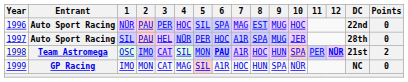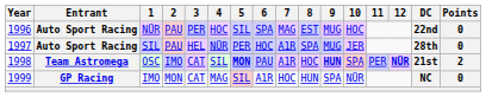 <table class="wikitable" style="text-align:center; font-size:85%">
 <tr>
 <th>Year</th>
 <th>Entrant</th>
 <th>1</th>
 <th>2</th>
 <th>3</th>
 <th>4</th>
 <th>5</th>
 <th>6</th>
 <th>7</th>
 <th>8</th>
 <th>9</th>
 <th>10</th>
 <th>11</th>
 <th>12</th>
 <th>DC</th>
 <th>Points</th>
 </tr>
 <tr>
 <td><a href='#'>1996</a></td>
 <th nowrap>Auto Sport Racing</th>
 <td style="background:#EFCFFF;"><a href='#'>NÜR</a><br></td>
 <td style="background:#FFCFCF;"><a href='#'>PAU</a><br></td>
 <td style="background:#CFCFFF;"><a href='#'>PER</a><br></td>
 <td style="background:#EFCFFF;"><a href='#'>HOC</a><br></td>
 <td style="background:#CFCFFF;"><a href='#'>SIL</a><br></td>
 <td style="background:#CFCFFF;"><a href='#'>SPA</a><br></td>
 <td style="background:#EFCFFF;"><a href='#'>MAG</a><br></td>
 <td style="background:#CFCFFF;"><a href='#'>EST</a><br></td>
 <td style="background:#EFCFFF;"><a href='#'>MUG</a><br></td>
 <td style="background:#EFCFFF;"><a href='#'>HOC</a><br></td>
 <td colspan=2></td>
 <th>22nd</th>
 <th>0</th>
 </tr>
 <tr>
 <td><a href='#'>1997</a></td>
 <th nowrap>Auto Sport Racing</th>
 <td style="background:#CFCFFF;"><a href='#'>SIL</a><br></td>
 <td style="background:#FFCFCF;"><a href='#'>PAU</a><br></td>
 <td style="background:#EFCFFF;"><a href='#'>HEL</a><br></td>
 <td style="background:#CFCFFF;"><a href='#'>NÜR</a><br></td>
 <td style="background:#CFCFFF;"><a href='#'>PER</a><br></td>
 <td style="background:#CFCFFF;"><a href='#'>HOC</a><br></td>
 <td style="background:#CFCFFF;"><a href='#'>A1R</a><br></td>
 <td style="background:#CFCFFF;"><a href='#'>SPA</a><br></td>
 <td style="background:#CFCFFF;"><a href='#'>MUG</a><br></td>
 <td style="background:#EFCFFF;"><a href='#'>JER</a><br></td>
 <td colspan=2></td>
 <th>28th</th>
 <th>0</th>
 </tr>
 <tr>
-<td style="background: lightyellow;"><a href='#'>1998</a></td>
+<td><a href='#'>1998</a></td>
 <th nowrap><a href='#'>Team Astromega</a></th>
 <td style="background:#DFFFDF;"><a href='#'>OSC</a><br></td>
 <td style="background:#CFCFFF;"><a href='#'>IMO</a><br></td>
 <td style="background:#EFCFFF;"><a href='#'>CAT</a><br></td>
 <td style="background:#DFFFDF;"><a href='#'>SIL</a><br></td>
-<td style="background:#CFCFFF;"><a href='#'>MON</a><br></td>
-<td style="background:#CFCFFF;"><strong><a href='#'>PAU</a><br></strong></td>
+<td style="background:#CFCFFF;"><strong><a href='#'>MON</a><br></strong></td>
+<td style="background:#CFCFFF;"><a href='#'>PAU</a><br></td>
 <td style="background:#EFCFFF;"><a href='#'>A1R</a><br></td>
 <td style="background:#EFCFFF;"><a href='#'>HOC</a><br></td>
-<td style="background:#EFCFFF;"><a href='#'>HUN</a><br></td>
+<td style="background:#EFCFFF;"><strong><a href='#'>HUN</a><br></strong></td>
 <td style="background:#FFCFCF;"><a href='#'>SPA</a><br></td>
 <td style="background:#CFCFFF;"><a href='#'>PER</a><br></td>
 <td style="background:#EFCFFF;"><strong><a href='#'>NÜR</a><br></strong></td>
 <th>21st</th>
 <th>2</th>
 </tr>
 <tr>
 <td><a href='#'>1999</a></td>
 <th nowrap><a href='#'>GP Racing</a></th>
 <td><a href='#'>IMO</a></td>
 <td><a href='#'>MON</a></td>
 <td><a href='#'>CAT</a></td>
 <td><a href='#'>MAG</a></td>
 <td style="background:#FFCFCF;"><a href='#'>SIL</a><br></td>
 <td><a href='#'>A1R</a></td>
 <td><a href='#'>HOC</a></td>
 <td><a href='#'>HUN</a></td>
 <td><a href='#'>SPA</a></td>
 <td><a href='#'>NÜR</a></td>
 <td colspan=2></td>
 <th>NC</th>
 <th>0</th>
 </tr>
 <tr>
 <th colspan="16"></th>
 </tr>
 </table>
